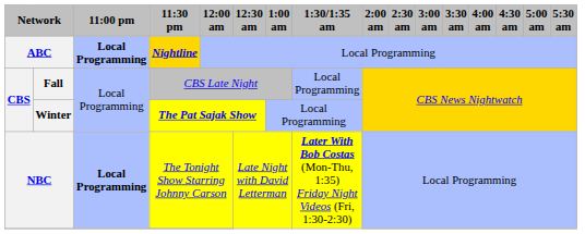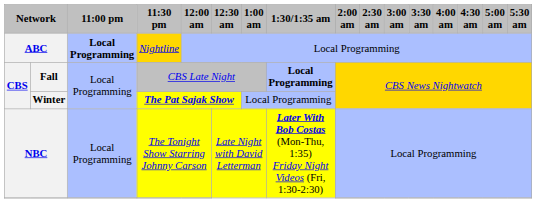 <table class="wikitable" style="width:100%;margin-right:0;text-align:center">
 <tr>
 <th colspan="2" style="background-color:#C0C0C0;text-align:center">Network</th>
 <th style="background-color:#C0C0C0;text-align:center">11:00 pm</th>
 <th style="background-color:#C0C0C0;text-align:center">11:30 pm</th>
 <th style="background-color:#C0C0C0;text-align:center">12:00 am</th>
 <th style="background-color:#C0C0C0;text-align:center">12:30 am</th>
 <th style="background-color:#C0C0C0;text-align:center">1:00 am</th>
 <th style="background-color:#C0C0C0;text-align:center">1:30/1:35 am</th>
 <th style="background-color:#C0C0C0;text-align:center">2:00 am</th>
 <th style="background-color:#C0C0C0;text-align:center">2:30 am</th>
 <th style="background-color:#C0C0C0;text-align:center">3:00 am</th>
 <th style="background-color:#C0C0C0;text-align:center">3:30 am</th>
 <th style="background-color:#C0C0C0;text-align:center">4:00 am</th>
 <th style="background-color:#C0C0C0;text-align:center">4:30 am</th>
 <th style="background-color:#C0C0C0;text-align:center">5:00 am</th>
 <th style="background-color:#C0C0C0;text-align:center">5:30 am</th>
 </tr>
 <tr>
 <th colspan="2"><a href='#'>ABC</a></th>
 <td colspan="1"  style="background:#abbfff"><strong>Local Programming</strong></td>
-<td colspan="1"  style="background:gold"><strong><em><a href='#'>Nightline</a></em></strong></td>
+<td colspan="1"  style="background:gold"><em><a href='#'>Nightline</a></em></td>
 <td colspan="12"  style="background:#abbfff">Local Programming</td>
 </tr>
 <tr>
 <th colspan="1" rowspan="2"><a href='#'>CBS</a></th>
 <th>Fall</th>
 <td colspan="1" rowspan="2" style="background:#abbfff">Local Programming</td>
 <td colspan="4" style="background:#C0C0C0"><em><a href='#'>CBS Late Night</a></em></td>
-<td colspan="1" style="background:#abbfff">Local Programming</td>
+<td colspan="1" style="background:#abbfff"><strong>Local Programming</strong></td>
 <td colspan="8" rowspan="2" style="background:gold"><em><a href='#'>CBS News Nightwatch</a></em></td>
 </tr>
 <tr>
 <th>Winter</th>
 <td colspan="3" style="background:yellow"><strong><em><a href='#'>The Pat Sajak Show</a></em></strong></td>
 <td colspan="2" style="background:#abbfff">Local Programming</td>
 </tr>
 <tr>
 <th colspan="2"><a href='#'>NBC</a></th>
-<td colspan="1" style="background:#abbfff"><strong>Local Programming</strong></td>
+<td colspan="1" style="background:#abbfff">Local Programming</td>
 <td colspan="2" style="background:yellow"><em><a href='#'>The Tonight Show Starring Johnny Carson</a></em></td>
 <td colspan="2" rowspan="3" style="background:yellow"><em><a href='#'>Late Night with David Letterman</a></em></td>
 <td colspan="1" rowspan="3" style="background:yellow"><strong><em><a href='#'>Later With Bob Costas</a></em></strong> (Mon-Thu, 1:35) <br> <em><a href='#'>Friday Night Videos</a></em> (Fri, 1:30-2:30)</td>
 <td colspan="8" style="background:#abbfff">Local Programming</td>
 </tr>
 <tr>
 </tr>
 </table>
